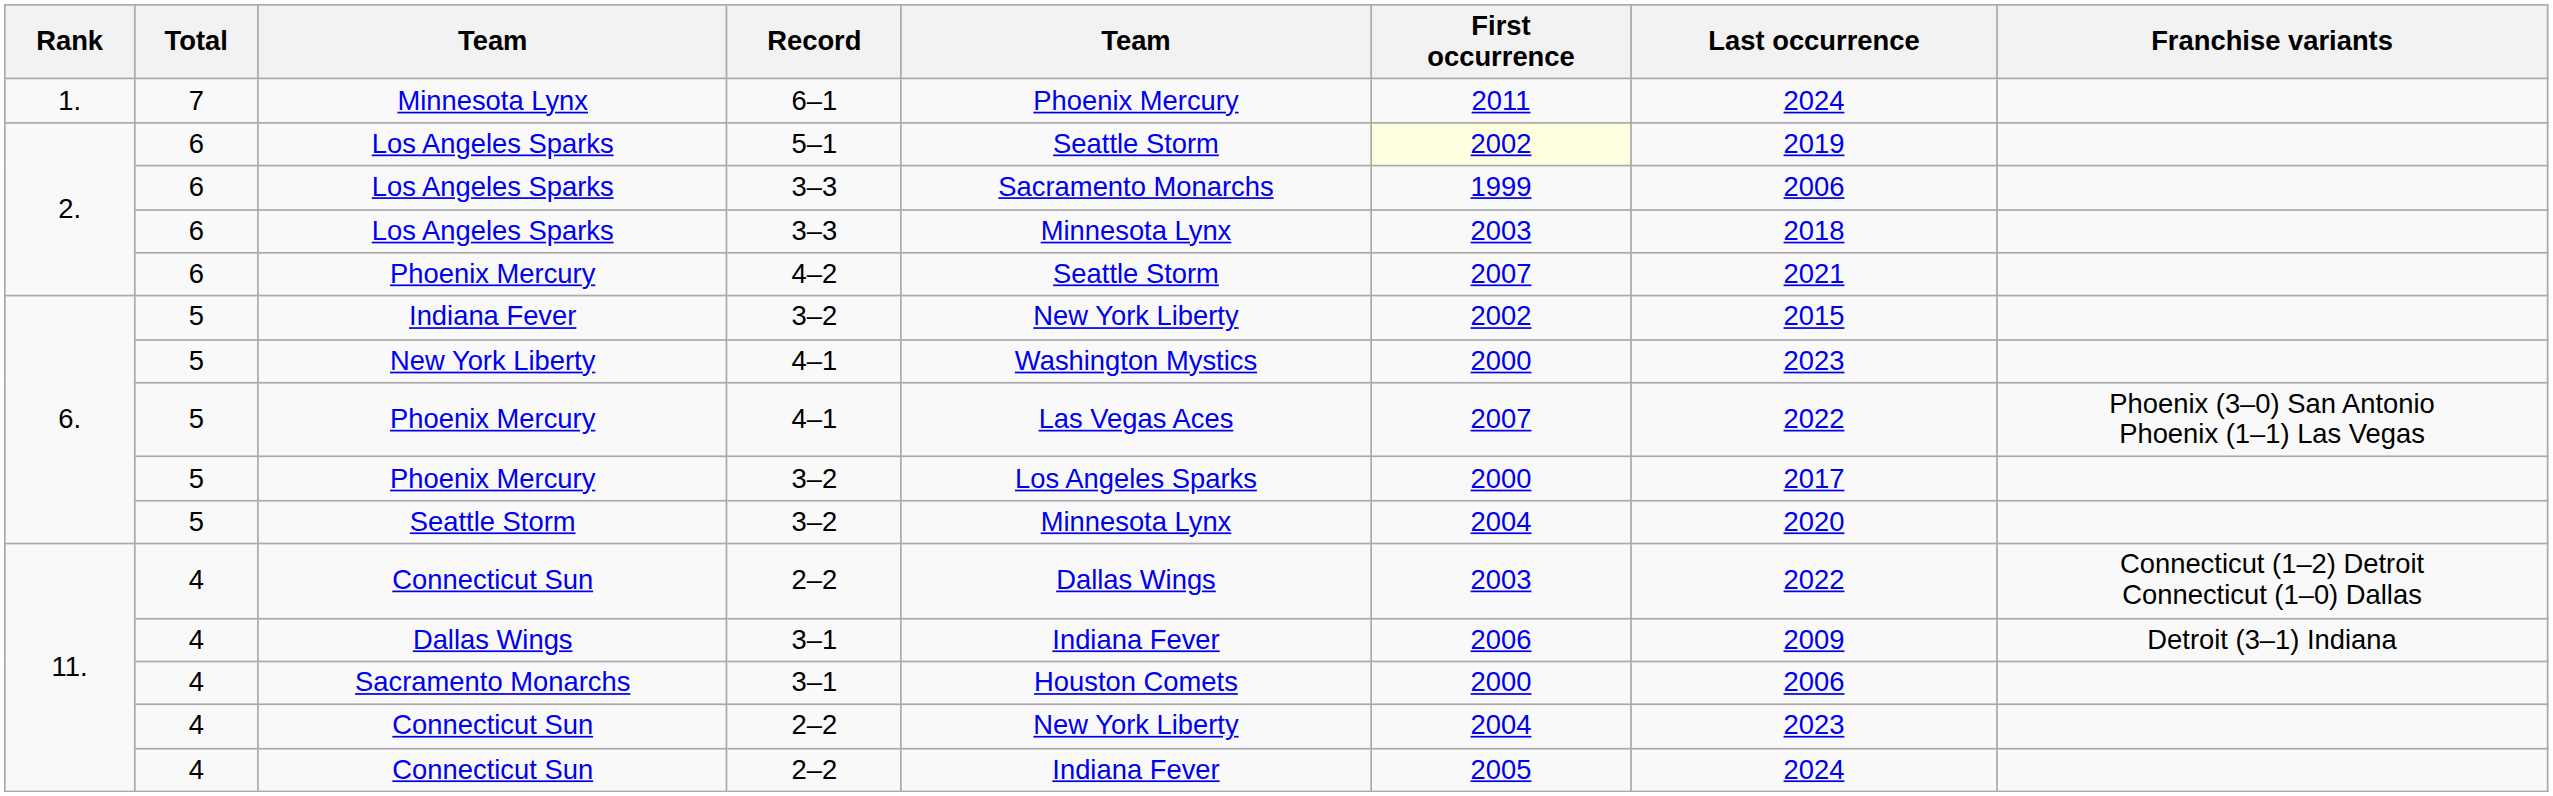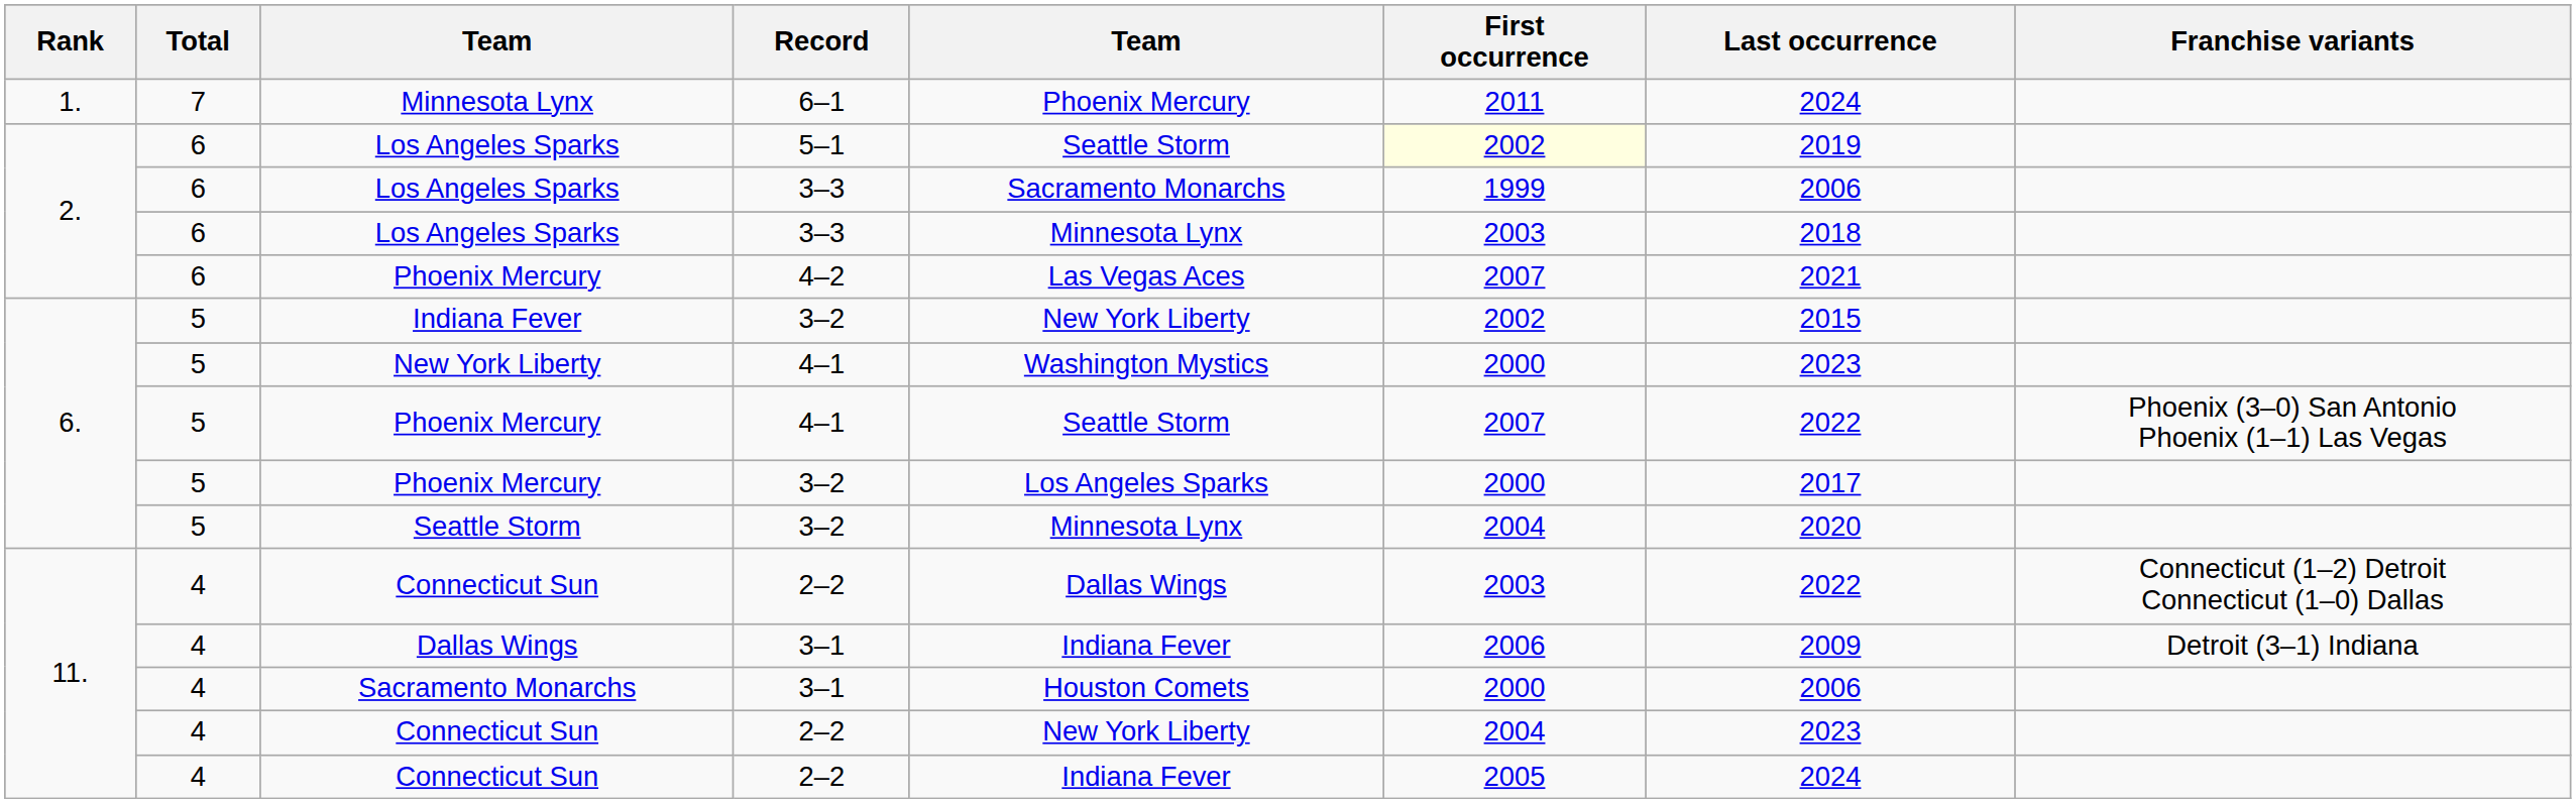 <table class="wikitable sortable" style="text-align: center; width: 75%;">
 <tr>
 <th>Rank</th>
 <th>Total</th>
 <th>Team</th>
 <th>Record</th>
 <th>Team</th>
 <th>First<br>occurrence</th>
 <th>Last occurrence</th>
 <th>Franchise variants</th>
 </tr>
 <tr>
 <td>1.</td>
 <td>7</td>
 <td><a href='#'>Minnesota Lynx</a></td>
 <td>6–1</td>
 <td><a href='#'>Phoenix Mercury</a></td>
 <td><a href='#'>2011</a></td>
 <td><a href='#'>2024</a></td>
 <td></td>
 </tr>
 <tr>
 <td rowspan="4">2.</td>
 <td>6</td>
 <td><a href='#'>Los Angeles Sparks</a></td>
 <td align="center">5–1</td>
 <td><a href='#'>Seattle Storm</a></td>
 <td align="center" style="background: lightyellow;"><a href='#'>2002</a></td>
 <td align="center"><a href='#'>2019</a></td>
 <td></td>
 </tr>
 <tr>
 <td>6</td>
 <td><a href='#'>Los Angeles Sparks</a></td>
 <td align="center">3–3</td>
 <td><a href='#'>Sacramento Monarchs</a></td>
 <td align="center"><a href='#'>1999</a></td>
 <td align="center"><a href='#'>2006</a></td>
 <td></td>
 </tr>
 <tr>
 <td>6</td>
 <td><a href='#'>Los Angeles Sparks</a></td>
 <td align="center">3–3</td>
 <td><a href='#'>Minnesota Lynx</a></td>
 <td align="center"><a href='#'>2003</a></td>
 <td align="center"><a href='#'>2018</a></td>
 <td></td>
 </tr>
 <tr>
 <td>6</td>
 <td><a href='#'>Phoenix Mercury</a></td>
 <td>4–2</td>
-<td><a href='#'>Seattle Storm</a></td>
+<td><a href='#'>Las Vegas Aces</a></td>
 <td><a href='#'>2007</a></td>
 <td><a href='#'>2021</a></td>
 <td></td>
 </tr>
 <tr>
 <td rowspan="5">6.</td>
 <td>5</td>
 <td><a href='#'>Indiana Fever</a></td>
 <td align="center">3–2</td>
 <td><a href='#'>New York Liberty</a></td>
 <td align="center"><a href='#'>2002</a></td>
 <td align="center"><a href='#'>2015</a></td>
 <td></td>
 </tr>
 <tr>
 <td>5</td>
 <td><a href='#'>New York Liberty</a></td>
 <td>4–1</td>
 <td><a href='#'>Washington Mystics</a></td>
 <td><a href='#'>2000</a></td>
 <td><a href='#'>2023</a></td>
 <td></td>
 </tr>
 <tr>
 <td>5</td>
 <td><a href='#'>Phoenix Mercury</a></td>
 <td align="center">4–1</td>
-<td><a href='#'>Las Vegas Aces</a></td>
+<td><a href='#'>Seattle Storm</a></td>
 <td align="center"><a href='#'>2007</a></td>
 <td align="center"><a href='#'>2022</a></td>
 <td>Phoenix (3–0) San Antonio<br>Phoenix (1–1) Las Vegas</td>
 </tr>
 <tr>
 <td>5</td>
 <td><a href='#'>Phoenix Mercury</a></td>
 <td align="center">3–2</td>
 <td><a href='#'>Los Angeles Sparks</a></td>
 <td align="center"><a href='#'>2000</a></td>
 <td align="center"><a href='#'>2017</a></td>
 <td></td>
 </tr>
 <tr>
 <td>5</td>
 <td><a href='#'>Seattle Storm</a></td>
 <td>3–2</td>
 <td><a href='#'>Minnesota Lynx</a></td>
 <td><a href='#'>2004</a></td>
 <td><a href='#'>2020</a></td>
 <td></td>
 </tr>
 <tr>
 <td rowspan="5">11.</td>
 <td>4</td>
 <td><a href='#'>Connecticut Sun</a></td>
 <td align="center">2–2</td>
 <td><a href='#'>Dallas Wings</a></td>
 <td align="center"><a href='#'>2003</a></td>
 <td align="center"><a href='#'>2022</a></td>
 <td>Connecticut (1–2) Detroit<br>Connecticut (1–0) Dallas</td>
 </tr>
 <tr>
 <td>4</td>
 <td><a href='#'>Dallas Wings</a></td>
 <td align="center">3–1</td>
 <td><a href='#'>Indiana Fever</a></td>
 <td align="center"><a href='#'>2006</a></td>
 <td align="center"><a href='#'>2009</a></td>
 <td>Detroit (3–1) Indiana</td>
 </tr>
 <tr>
 <td>4</td>
 <td><a href='#'>Sacramento Monarchs</a></td>
 <td align="center">3–1</td>
 <td><a href='#'>Houston Comets</a></td>
 <td align="center"><a href='#'>2000</a></td>
 <td align="center"><a href='#'>2006</a></td>
 <td></td>
 </tr>
 <tr>
 <td>4</td>
 <td><a href='#'>Connecticut Sun</a></td>
 <td>2–2</td>
 <td><a href='#'>New York Liberty</a></td>
 <td><a href='#'>2004</a></td>
 <td><a href='#'>2023</a></td>
 <td></td>
 </tr>
 <tr>
 <td>4</td>
 <td><a href='#'>Connecticut Sun</a></td>
 <td>2–2</td>
 <td><a href='#'>Indiana Fever</a></td>
 <td><a href='#'>2005</a></td>
 <td><a href='#'>2024</a></td>
 <td></td>
 </tr>
 </table>
